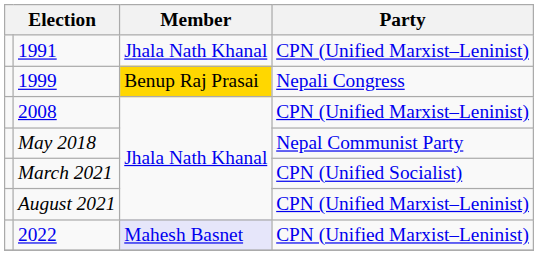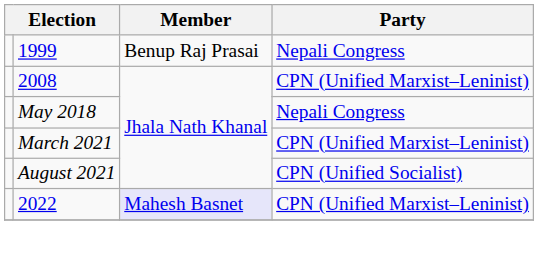 <table class="wikitable">
 <tr>
 <th colspan="2">Election</th>
 <th>Member</th>
 <th>Party</th>
 </tr>
 <tr>
 <td style="background-color:"></td>
-<td><a href='#'>1991</a></td>
-<td><a href='#'>Jhala Nath Khanal</a></td>
-<td><a href='#'>CPN (Unified Marxist–Leninist)</a></td>
-</tr>
-<tr>
-<td style="background-color:"></td>
 <td><a href='#'>1999</a></td>
-<td style="background: gold;">Benup Raj Prasai</td>
+<td>Benup Raj Prasai</td>
 <td><a href='#'>Nepali Congress</a></td>
 </tr>
 <tr>
 <td style="background-color:"></td>
 <td><a href='#'>2008</a></td>
 <td rowspan="4"><a href='#'>Jhala Nath Khanal</a></td>
 <td><a href='#'>CPN (Unified Marxist–Leninist)</a></td>
 </tr>
 <tr>
 <td style="background-color:"></td>
 <td><em>May 2018</em></td>
-<td><a href='#'>Nepal Communist Party</a></td>
+<td><a href='#'>Nepali Congress</a></td>
 </tr>
 <tr>
 <td style="background-color:"></td>
 <td><em>March 2021</em></td>
-<td><a href='#'>CPN (Unified Socialist)</a></td>
+<td><a href='#'>CPN (Unified Marxist–Leninist)</a></td>
 </tr>
 <tr>
 <td style="background-color:"></td>
 <td><em>August 2021</em></td>
-<td><a href='#'>CPN (Unified Marxist–Leninist)</a></td>
+<td><a href='#'>CPN (Unified Socialist)</a></td>
 </tr>
 <tr>
 <td style="background-color:"></td>
 <td><a href='#'>2022</a></td>
 <td style="background: lavender;"><a href='#'>Mahesh Basnet</a></td>
 <td><a href='#'>CPN (Unified Marxist–Leninist)</a></td>
 </tr>
 <tr>
 </tr>
 </table>
